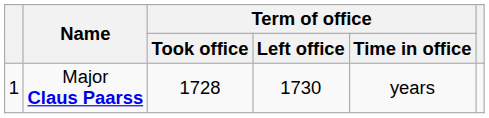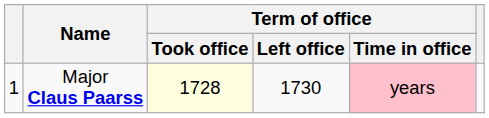 <table class="wikitable" style="text-align:center">
 <tr>
 <th rowspan=2></th>
 <th rowspan=2>Name<br></th>
 <th colspan=3>Term of office</th>
 <th rowspan=2></th>
 </tr>
 <tr>
 <th>Took office</th>
 <th>Left office</th>
 <th>Time in office</th>
 </tr>
 <tr>
 <td>1</td>
 <td>Major<br><strong><a href='#'>Claus Paarss</a></strong><br></td>
-<td>1728</td>
+<td style="background: lightyellow;">1728</td>
 <td>1730</td>
-<td> years</td>
+<td style="background: pink;"> years</td>
 <td></td>
 </tr>
 </table>
